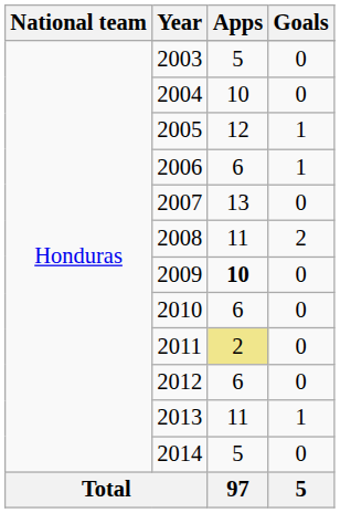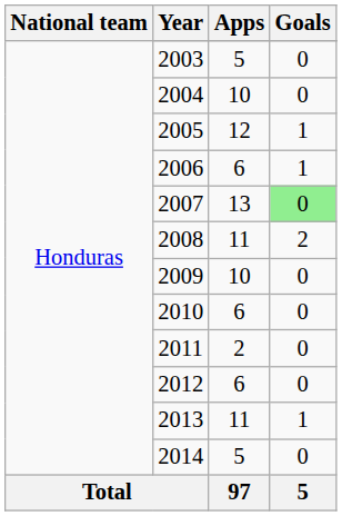 <table class="wikitable" style="text-align:center">
 <tr>
 <th>National team</th>
 <th>Year</th>
 <th>Apps</th>
 <th>Goals</th>
 </tr>
 <tr>
 <td rowspan=13><a href='#'>Honduras</a></td>
 </tr>
 <tr>
 <td>2003</td>
 <td>5</td>
 <td>0</td>
 </tr>
 <tr>
 <td>2004</td>
 <td>10</td>
 <td>0</td>
 </tr>
 <tr>
 <td>2005</td>
 <td>12</td>
 <td>1</td>
 </tr>
 <tr>
 <td>2006</td>
 <td>6</td>
 <td>1</td>
 </tr>
 <tr>
 <td>2007</td>
 <td>13</td>
-<td>0</td>
+<td style="background: lightgreen;">0</td>
 </tr>
 <tr>
 <td>2008</td>
 <td>11</td>
 <td>2</td>
 </tr>
 <tr>
 <td>2009</td>
-<td><strong>10</strong></td>
+<td>10</td>
 <td>0</td>
 </tr>
 <tr>
 <td>2010</td>
 <td>6</td>
 <td>0</td>
 </tr>
 <tr>
 <td>2011</td>
-<td style="background: khaki;">2</td>
+<td>2</td>
 <td>0</td>
 </tr>
 <tr>
 <td>2012</td>
 <td>6</td>
 <td>0</td>
 </tr>
 <tr>
 <td>2013</td>
 <td>11</td>
 <td>1</td>
 </tr>
 <tr>
 <td>2014</td>
 <td>5</td>
 <td>0</td>
 </tr>
 <tr>
 <th colspan="2">Total</th>
 <th>97</th>
 <th>5</th>
 </tr>
 </table>
